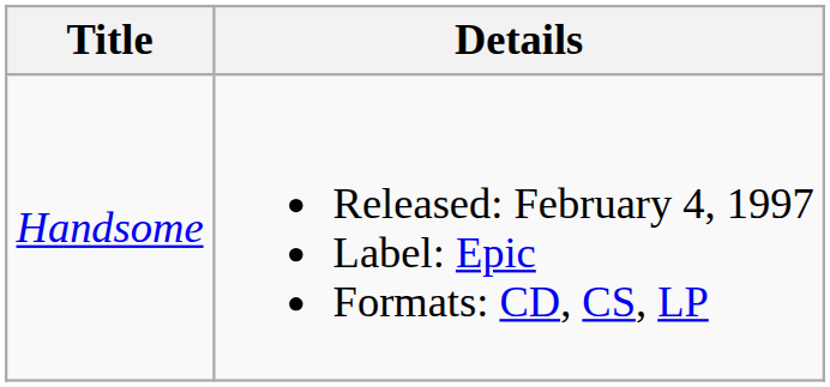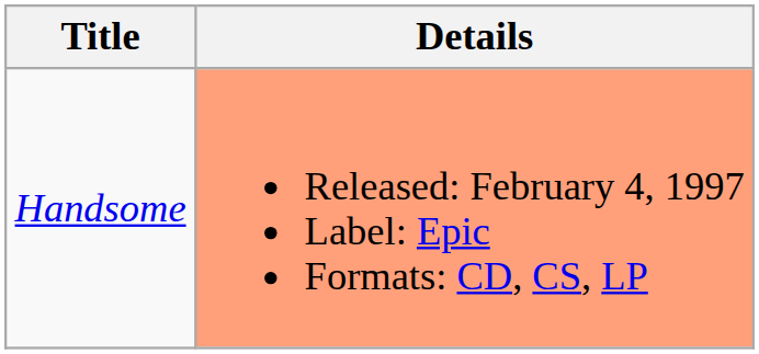 <table class="wikitable">
 <tr>
 <th>Title</th>
 <th>Details</th>
 </tr>
 <tr>
 <td><em><a href='#'>Handsome</a></em></td>
-<td><br><ul><li>Released: February 4, 1997</li><li>Label: <a href='#'>Epic</a></li><li>Formats: <a href='#'>CD</a>, <a href='#'>CS</a>, <a href='#'>LP</a></li></ul></td>
+<td style="background: lightsalmon;"><br><ul><li>Released: February 4, 1997</li><li>Label: <a href='#'>Epic</a></li><li>Formats: <a href='#'>CD</a>, <a href='#'>CS</a>, <a href='#'>LP</a></li></ul></td>
 </tr>
 </table>
